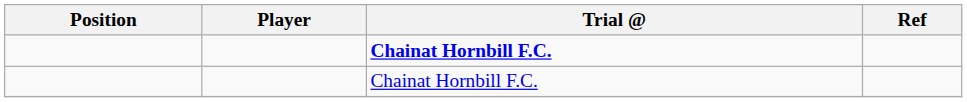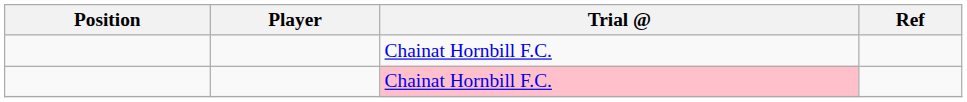 <table class="wikitable sortable" style="width:50%; text-align:center; font-size:100%; text-align:left;">
 <tr>
 <th><strong>Position</strong></th>
 <th><strong>Player</strong></th>
 <th><strong>Trial @</strong></th>
 <th><strong>Ref</strong></th>
 </tr>
 <tr>
 <td></td>
 <td></td>
-<td><strong> <a href='#'>Chainat Hornbill F.C.</a></strong></td>
+<td> <a href='#'>Chainat Hornbill F.C.</a></td>
 <td></td>
 </tr>
 <tr>
 <td></td>
 <td></td>
-<td> <a href='#'>Chainat Hornbill F.C.</a></td>
+<td style="background: pink;"> <a href='#'>Chainat Hornbill F.C.</a></td>
 <td></td>
 </tr>
 <tr>
 </tr>
 </table>
